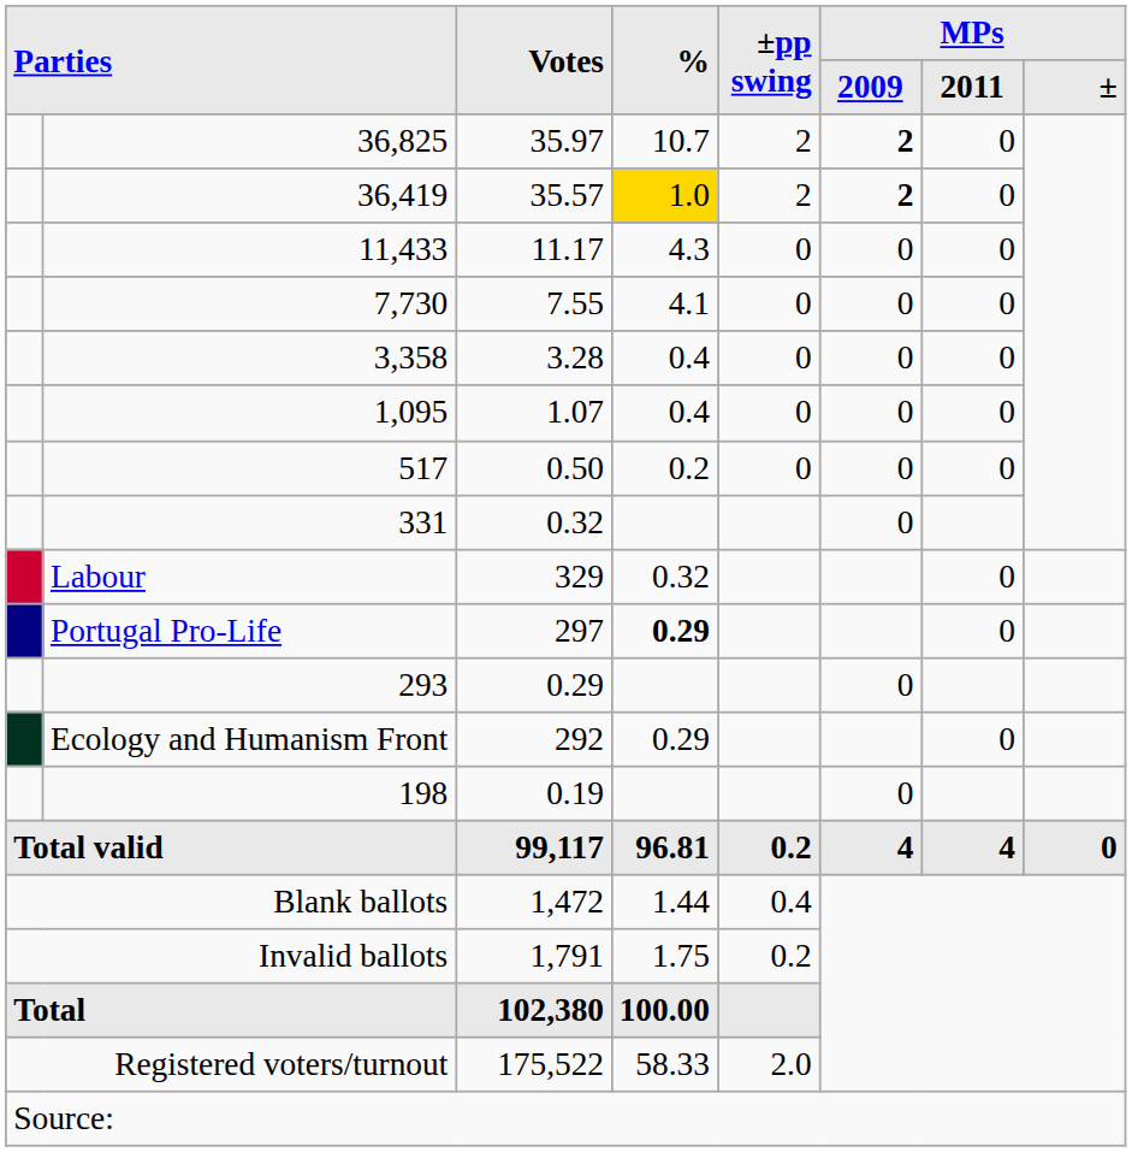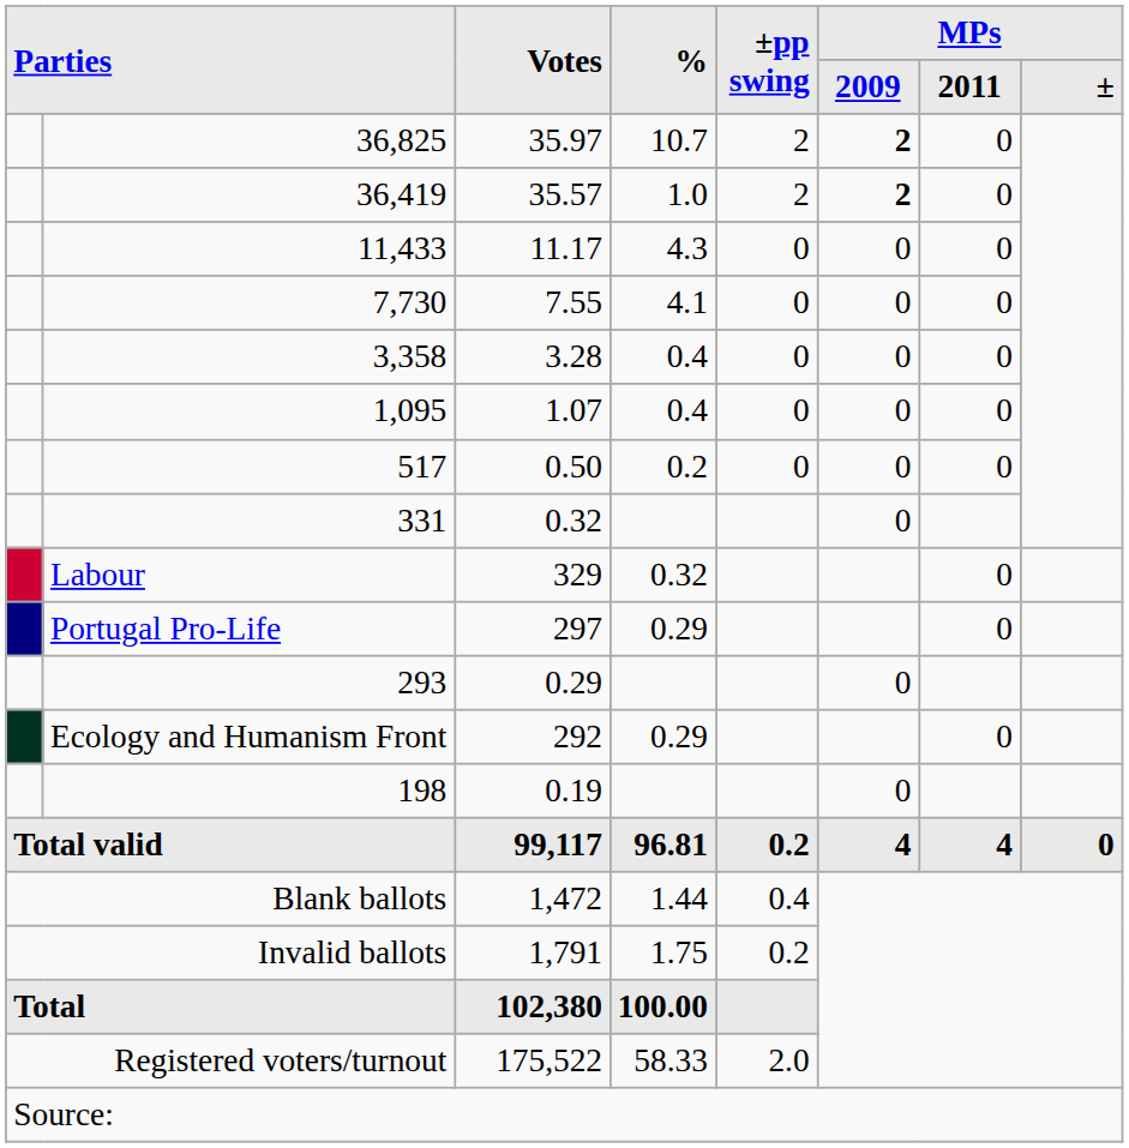 <table class="wikitable" style="text-align:right; font-size:95%;">
 <tr>
 <th rowspan="2" colspan="2" style="background:#e9e9e9; text-align:left;" alignleft><a href='#'>Parties</a></th>
 <th rowspan="2" style="background:#e9e9e9; text-align:right;">Votes</th>
 <th rowspan="2" style="background:#e9e9e9; text-align:right;">%</th>
 <th rowspan="2" style="background:#e9e9e9; text-align:right;">±<a href='#'>pp</a> <a href='#'>swing</a></th>
 <th colspan="3" style="background:#e9e9e9; text-align:center;"><a href='#'>MPs</a></th>
 </tr>
 <tr style="background-color:#E9E9E9">
 <th style="background-color:#E9E9E9;text-align:center;"><a href='#'>2009</a></th>
 <th style="background-color:#E9E9E9;text-align:center;">2011</th>
 <th style="background:#e9e9e9; text-align:right;">±</th>
 </tr>
 <tr>
 <td></td>
 <td>36,825</td>
 <td>35.97</td>
 <td>10.7</td>
 <td>2</td>
 <td><strong>2</strong></td>
 <td>0</td>
 </tr>
 <tr>
 <td></td>
 <td>36,419</td>
 <td>35.57</td>
-<td style="background: gold;">1.0</td>
+<td>1.0</td>
 <td>2</td>
 <td><strong>2</strong></td>
 <td>0</td>
 </tr>
 <tr>
 <td></td>
 <td>11,433</td>
 <td>11.17</td>
 <td>4.3</td>
 <td>0</td>
 <td>0</td>
 <td>0</td>
 </tr>
 <tr>
 <td></td>
 <td>7,730</td>
 <td>7.55</td>
 <td>4.1</td>
 <td>0</td>
 <td>0</td>
 <td>0</td>
 </tr>
 <tr>
 <td></td>
 <td>3,358</td>
 <td>3.28</td>
 <td>0.4</td>
 <td>0</td>
 <td>0</td>
 <td>0</td>
 </tr>
 <tr>
 <td></td>
 <td>1,095</td>
 <td>1.07</td>
 <td>0.4</td>
 <td>0</td>
 <td>0</td>
 <td>0</td>
 </tr>
 <tr>
 <td></td>
 <td>517</td>
 <td>0.50</td>
 <td>0.2</td>
 <td>0</td>
 <td>0</td>
 <td>0</td>
 </tr>
 <tr>
 <td></td>
 <td>331</td>
 <td>0.32</td>
 <td></td>
 <td></td>
 <td>0</td>
 <td></td>
 </tr>
 <tr>
 <td style="width: 10px" bgcolor=#CC0033 align="center"></td>
 <td align=left><a href='#'>Labour</a></td>
 <td>329</td>
 <td>0.32</td>
 <td></td>
 <td></td>
 <td>0</td>
 <td></td>
 </tr>
 <tr>
 <td style="width:10px;background-color:#000080;text-align:center;"></td>
 <td style="text-align:left;"><a href='#'>Portugal Pro-Life</a></td>
 <td>297</td>
-<td><strong>0.29</strong></td>
+<td>0.29</td>
 <td></td>
 <td></td>
 <td>0</td>
 <td></td>
 </tr>
 <tr>
 <td></td>
 <td>293</td>
 <td>0.29</td>
 <td></td>
 <td></td>
 <td>0</td>
 <td></td>
 </tr>
 <tr>
 <td style="width:10px;background-color:#013220;text-align:center;"></td>
 <td style="text-align:left;">Ecology and Humanism Front </td>
 <td>292</td>
 <td>0.29</td>
 <td></td>
 <td></td>
 <td>0</td>
 <td></td>
 </tr>
 <tr>
 <td></td>
 <td>198</td>
 <td>0.19</td>
 <td></td>
 <td></td>
 <td>0</td>
 <td></td>
 </tr>
 <tr>
 <td colspan=2 align=left style="background-color:#E9E9E9"><strong>Total valid</strong></td>
 <td width="65" align="right" style="background-color:#E9E9E9"><strong>99,117</strong></td>
 <td width="40" align="right" style="background-color:#E9E9E9"><strong>96.81</strong></td>
 <td width="40" align="right" style="background-color:#E9E9E9"><strong>0.2</strong></td>
 <td width="40" align="right" style="background-color:#E9E9E9"><strong>4</strong></td>
 <td width="40" align="right" style="background-color:#E9E9E9"><strong>4</strong></td>
 <td width="40" align="right" style="background-color:#E9E9E9"><strong>0</strong></td>
 </tr>
 <tr>
 <td colspan=2>Blank ballots</td>
 <td>1,472</td>
 <td>1.44</td>
 <td>0.4</td>
 <td colspan=4 rowspan=4></td>
 </tr>
 <tr>
 <td colspan=2>Invalid ballots</td>
 <td>1,791</td>
 <td>1.75</td>
 <td>0.2</td>
 </tr>
 <tr>
 <td colspan=2 align=left style="background-color:#E9E9E9"><strong>Total</strong></td>
 <td width="50" align="right" style="background-color:#E9E9E9"><strong>102,380</strong></td>
 <td width="40" align="right" style="background-color:#E9E9E9"><strong>100.00</strong></td>
 <td width="40" align="right" style="background-color:#E9E9E9"></td>
 </tr>
 <tr>
 <td colspan=2>Registered voters/turnout</td>
 <td>175,522</td>
 <td>58.33</td>
 <td>2.0</td>
 </tr>
 <tr>
 <td colspan=11 align=left>Source: </td>
 </tr>
 </table>
